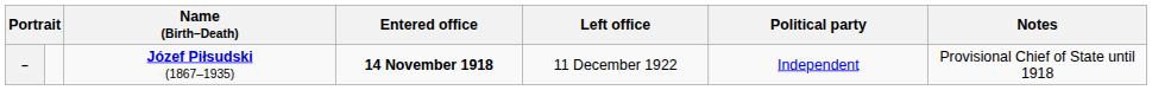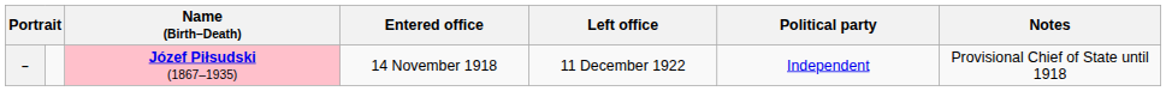 <table class="wikitable" style="text-align:center">
 <tr>
 <th colspan=2>Portrait</th>
 <th width=25%>Name<br><small>(Birth–Death)</small></th>
 <th width=17%>Entered office</th>
 <th width=17%>Left office</th>
 <th width=20%>Political party</th>
 <th width=20%>Notes</th>
 </tr>
 <tr>
 <th style="background:"><small>–</small></th>
 <td></td>
-<td><strong><a href='#'>Józef Piłsudski</a></strong><br><small>(1867–1935)</small></td>
-<td><strong>14 November 1918</strong></td>
+<td style="background: pink;"><strong><a href='#'>Józef Piłsudski</a></strong><br><small>(1867–1935)</small></td>
+<td>14 November 1918</td>
 <td>11 December 1922</td>
 <td><a href='#'>Independent</a></td>
 <td>Provisional Chief of State until 1918</td>
 </tr>
 </table>
